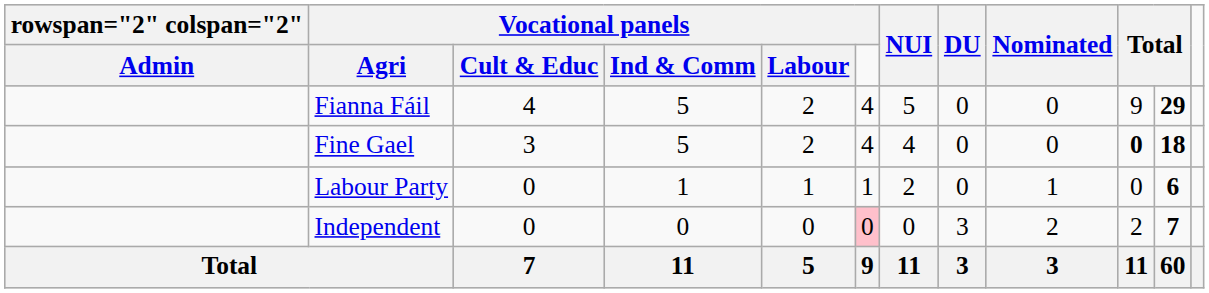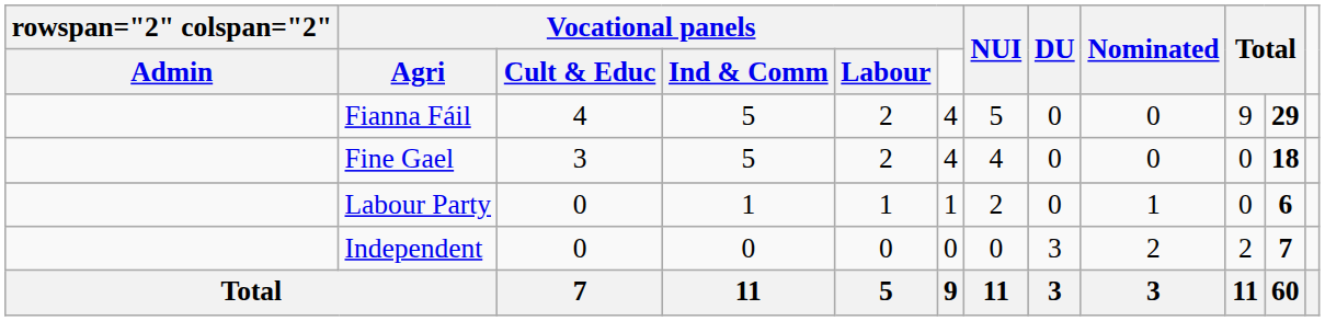 <table class="wikitable">
 <tr>
 <th>rowspan="2" colspan="2" </th>
 <th scope="col" colspan="5"><a href='#'>Vocational panels</a></th>
 <th rowspan="2"><a href='#'>NUI</a></th>
 <th rowspan="2"><a href='#'>DU</a></th>
 <th rowspan="2"><a href='#'>Nominated</a></th>
 <th rowspan="2" colspan="2">Total</th>
 </tr>
 <tr>
 <th scope="col"><a href='#'>Admin</a></th>
 <th scope="col"><a href='#'>Agri</a></th>
 <th scope="col"><a href='#'>Cult & Educ</a></th>
 <th scope="col"><a href='#'>Ind & Comm</a></th>
 <th scope="col"><a href='#'>Labour</a></th>
 </tr>
 <tr style="text-align:center">
 <td style="background-color: "></td>
 <td align="left"><a href='#'>Fianna Fáil</a></td>
 <td>4</td>
 <td>5</td>
 <td>2</td>
 <td>4</td>
 <td>5</td>
 <td>0</td>
 <td>0</td>
 <td>9</td>
 <td><strong>29</strong></td>
 <td style="background-color: "></td>
 </tr>
 <tr style="text-align:center">
 <td style="background-color: "></td>
 <td align="left"><a href='#'>Fine Gael</a></td>
 <td>3</td>
 <td>5</td>
 <td>2</td>
 <td>4</td>
 <td>4</td>
 <td>0</td>
 <td>0</td>
-<td><strong>0</strong></td>
+<td>0</td>
 <td><strong>18</strong></td>
 <td style="background-color: "></td>
 </tr>
 <tr style="text-align:center">
 <td style="background-color: "></td>
 <td align="left"><a href='#'>Labour Party</a></td>
 <td>0</td>
 <td>1</td>
 <td>1</td>
 <td>1</td>
 <td>2</td>
 <td>0</td>
 <td>1</td>
 <td>0</td>
 <td><strong>6</strong></td>
 <td style="background-color: "></td>
 </tr>
 <tr style="text-align:center">
 <td style="background-color: "></td>
 <td align="left"><a href='#'>Independent</a></td>
 <td>0</td>
 <td>0</td>
 <td>0</td>
-<td style="background: pink;">0</td>
+<td>0</td>
 <td>0</td>
 <td>3</td>
 <td>2</td>
 <td>2</td>
 <td><strong>7</strong></td>
 <td style="background-color: "></td>
 </tr>
 <tr style="text-align:center">
 <th colspan="2">Total</th>
 <th>7</th>
 <th>11</th>
 <th>5</th>
 <th>9</th>
 <th>11</th>
 <th>3</th>
 <th>3</th>
 <th>11</th>
 <th>60</th>
 <th></th>
 </tr>
 </table>
